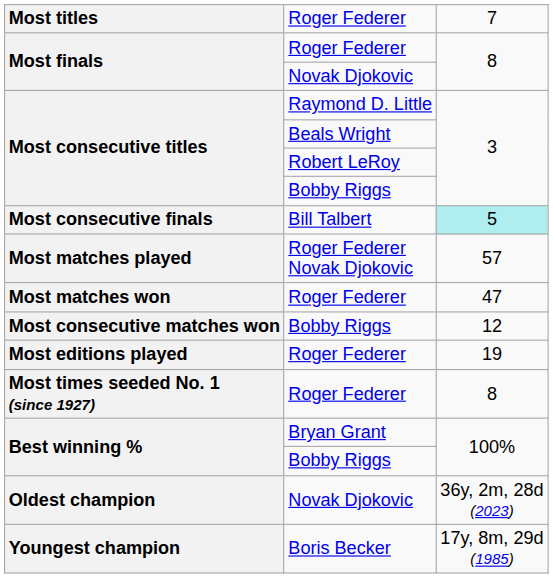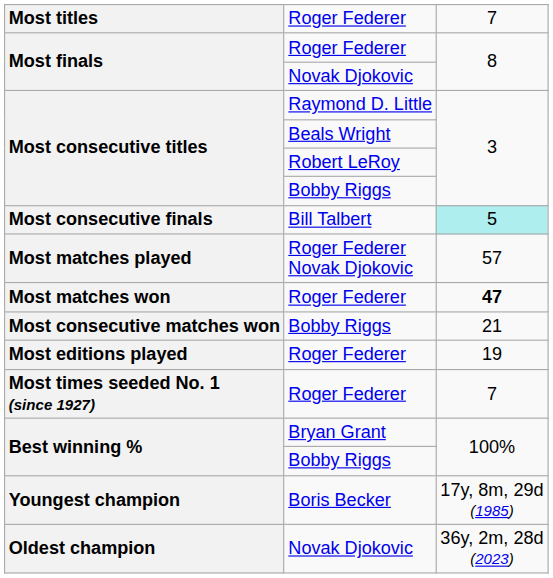 <table class=wikitable>
 <tr>
 <th style="text-align:left;">Most titles</th>
 <td> <a href='#'>Roger Federer</a></td>
 <td style="text-align:center;">7</td>
 </tr>
 <tr>
 <th rowspan=2 style="text-align:left;">Most finals</th>
 <td> <a href='#'>Roger Federer</a></td>
 <td rowspan=2 style="text-align:center;">8</td>
 </tr>
 <tr>
 <td> <a href='#'>Novak Djokovic</a></td>
 </tr>
 <tr>
 <th rowspan = 4 style="text-align:left;">Most consecutive titles<br> </th>
 <td> <a href='#'>Raymond D. Little</a> <br> <small></small></td>
 <td rowspan = 4 style="text-align:center;">3</td>
 </tr>
 <tr>
 <td> <a href='#'>Beals Wright</a> <br> <small></small></td>
 </tr>
 <tr>
 <td> <a href='#'>Robert LeRoy</a> <br> <small></small></td>
 </tr>
 <tr>
 <td> <a href='#'>Bobby Riggs</a> <br> <small></small></td>
 </tr>
 <tr>
 <th style="text-align:left;">Most consecutive finals<br> </th>
 <td> <a href='#'>Bill Talbert</a> <br> <small></small></td>
 <td style="background: paleturquoise; text-align:center;">5</td>
 </tr>
 <tr>
 <th style="text-align:left;">Most matches played</th>
 <td> <a href='#'>Roger Federer</a> <br> <a href='#'>Novak Djokovic</a></td>
 <td style="text-align:center;">57</td>
 </tr>
 <tr>
 <th style="text-align:left;">Most matches won</th>
 <td> <a href='#'>Roger Federer</a></td>
-<td style="text-align:center;">47</td>
+<td style="text-align:center;"><strong>47</strong></td>
 </tr>
 <tr>
 <th style="text-align:left;">Most consecutive matches won</th>
 <td> <a href='#'>Bobby Riggs</a></td>
-<td style="text-align:center;">12</td>
+<td style="text-align:center;">21</td>
 </tr>
 <tr>
 <th style="text-align:left;">Most editions played</th>
 <td> <a href='#'>Roger Federer</a></td>
 <td style="text-align:center;">19</td>
 </tr>
 <tr>
 <th style="text-align:left;">Most times seeded No. 1<br><small><em>(since 1927)</em></small></th>
 <td> <a href='#'>Roger Federer</a></td>
-<td style="text-align:center;">8</td>
+<td style="text-align:center;">7</td>
 </tr>
 <tr>
 <th rowspan = 2 style="text-align:left;">Best winning %</th>
 <td> <a href='#'>Bryan Grant</a></td>
 <td rowspan = 2 style="text-align:center;">100%</td>
 </tr>
 <tr>
 <td> <a href='#'>Bobby Riggs</a></td>
 </tr>
 <tr>
+<th style="text-align:left;">Youngest champion</th>
+<td> <a href='#'>Boris Becker</a></td>
+<td style="text-align:center;">17y, 8m, 29d<br><small><em>(<a href='#'>1985</a>)</em></small></td>
+</tr>
+<tr>
 <th style="text-align:left;">Oldest champion</th>
 <td> <a href='#'>Novak Djokovic</a></td>
 <td style="text-align:center;">36y, 2m, 28d<br><small><em>(<a href='#'>2023</a>)</em></small></td>
 </tr>
-<tr>
-<th style="text-align:left;">Youngest champion</th>
-<td> <a href='#'>Boris Becker</a></td>
-<td style="text-align:center;">17y, 8m, 29d<br><small><em>(<a href='#'>1985</a>)</em></small></td>
-</tr>
 </table>
